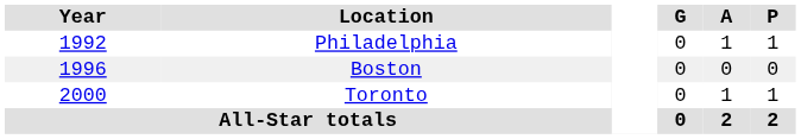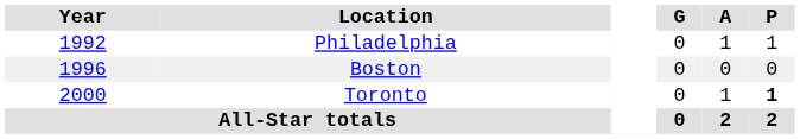 <table border="0" cellpadding="1" cellspacing="0" style="text-align:center; width:40em">
 <tr ALIGN="center" bgcolor="#e0e0e0">
 <th>Year</th>
 <th>Location</th>
 <th rowspan="99" bgcolor="#ffffff"> </th>
 <th>G</th>
 <th>A</th>
 <th>P</th>
 </tr>
 <tr>
 <td><a href='#'>1992</a></td>
 <td><a href='#'>Philadelphia</a></td>
 <td>0</td>
 <td>1</td>
 <td>1</td>
 </tr>
 <tr bgcolor="#f0f0f0">
 <td><a href='#'>1996</a></td>
 <td><a href='#'>Boston</a></td>
 <td>0</td>
 <td>0</td>
 <td>0</td>
 </tr>
 <tr>
 <td><a href='#'>2000</a></td>
 <td><a href='#'>Toronto</a></td>
 <td>0</td>
 <td>1</td>
-<td>1</td>
+<td><strong>1</strong></td>
 </tr>
 <tr bgcolor="#e0e0e0">
 <th colspan=2>All-Star totals</th>
 <th>0</th>
 <th>2</th>
 <th>2</th>
 </tr>
 </table>
